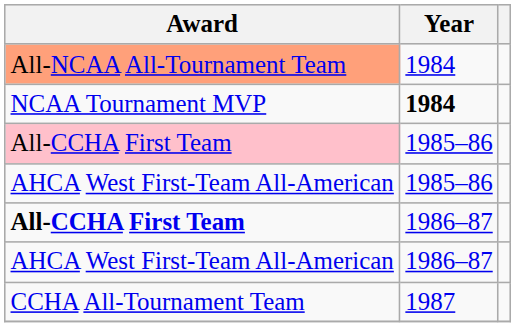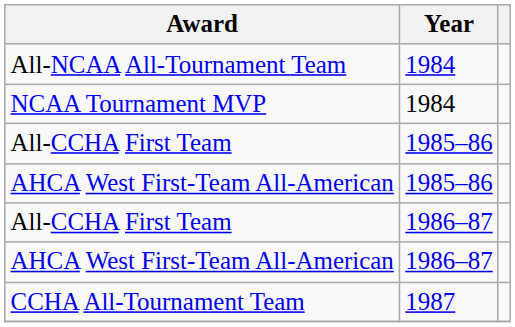 <table class="wikitable">
 <tr>
 <th>Award</th>
 <th>Year</th>
 <th></th>
 </tr>
 <tr>
-<td style="background: lightsalmon;">All-<a href='#'>NCAA</a> <a href='#'>All-Tournament Team</a></td>
+<td>All-<a href='#'>NCAA</a> <a href='#'>All-Tournament Team</a></td>
 <td><a href='#'>1984</a></td>
 <td></td>
 </tr>
 <tr>
 <td><a href='#'>NCAA Tournament MVP</a></td>
-<td><strong>1984</strong></td>
+<td>1984</td>
 <td></td>
 </tr>
 <tr>
-<td style="background: pink;">All-<a href='#'>CCHA</a> <a href='#'>First Team</a></td>
+<td>All-<a href='#'>CCHA</a> <a href='#'>First Team</a></td>
 <td><a href='#'>1985–86</a></td>
 <td></td>
 </tr>
 <tr>
 <td><a href='#'>AHCA</a> <a href='#'>West First-Team All-American</a></td>
 <td><a href='#'>1985–86</a></td>
 <td></td>
 </tr>
 <tr>
-<td><strong>All-<a href='#'>CCHA</a> <a href='#'>First Team</a></strong></td>
+<td>All-<a href='#'>CCHA</a> <a href='#'>First Team</a></td>
 <td><a href='#'>1986–87</a></td>
 <td></td>
 </tr>
 <tr>
 <td><a href='#'>AHCA</a> <a href='#'>West First-Team All-American</a></td>
 <td><a href='#'>1986–87</a></td>
 <td></td>
 </tr>
 <tr>
 <td><a href='#'>CCHA</a> <a href='#'>All-Tournament Team</a></td>
 <td><a href='#'>1987</a></td>
 <td></td>
 </tr>
 <tr>
 </tr>
 </table>
